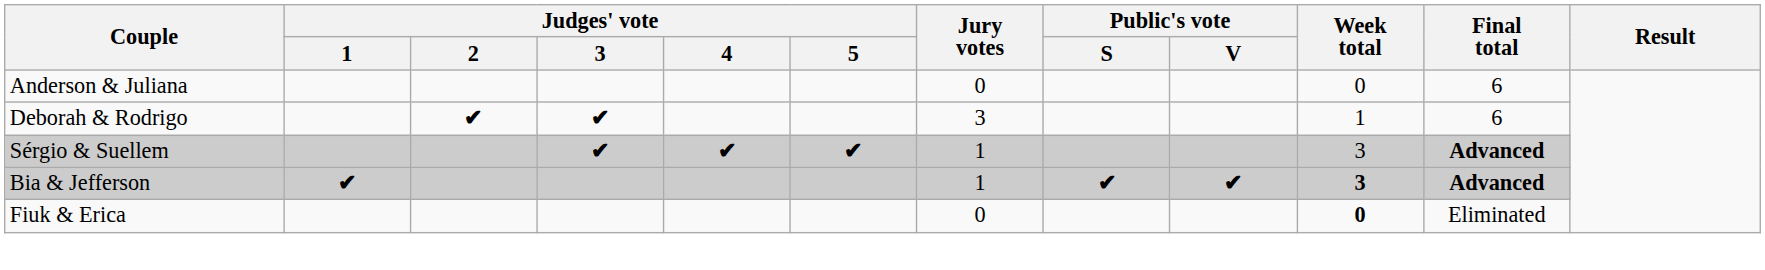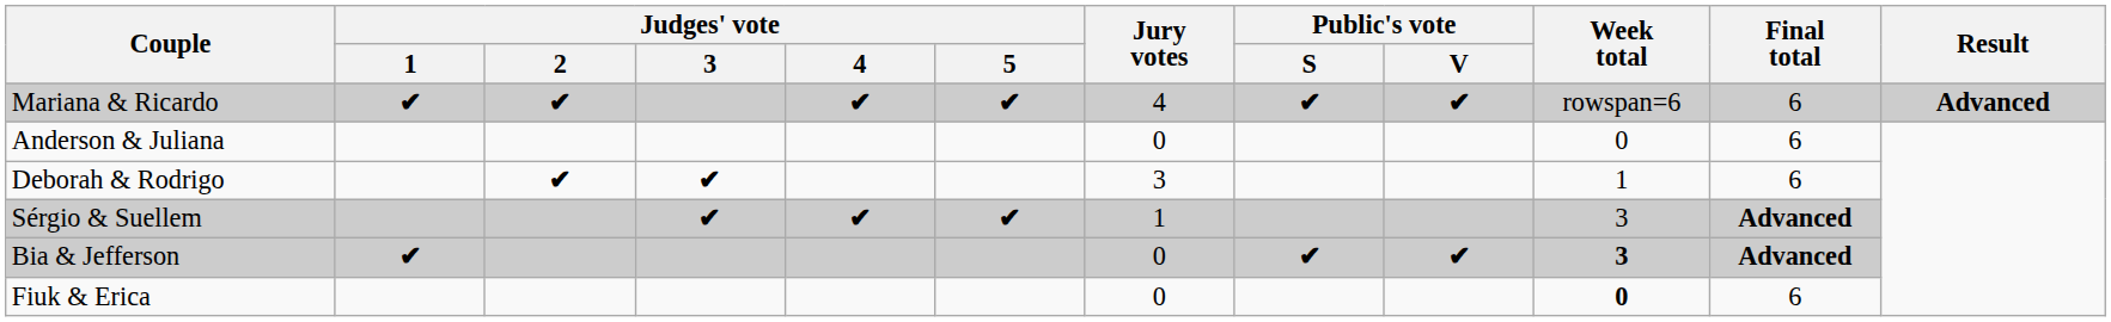 <table class="wikitable" style="font-size:100%; line-height:16px; text-align:center" width="100%">
 <tr>
 <th rowspan=2 width="11.0%">Couple</th>
 <th colspan=5 width="25.0%">Judges' vote</th>
 <th rowspan=2 width="05.0%">Jury<br>votes</th>
 <th colspan=2 width="10.0%">Public's vote</th>
 <th rowspan=2 width="05.0%">Week<br>total</th>
 <th rowspan=2 width="05.0%">Final<br>total</th>
 <th rowspan=2 width="07.5%">Result</th>
 </tr>
 <tr>
 <th width="05.0%">1</th>
 <th width="05.0%">2</th>
 <th width="05.0%">3</th>
 <th width="05.0%">4</th>
 <th width="05.0%">5</th>
 <th width="05.0%">S</th>
 <th width="05.0%">V</th>
+</tr>
+<tr bgcolor=CCCCCC>
+<td align="left">Mariana & Ricardo</td>
+<td><strong>✔</strong></td>
+<td><strong>✔</strong></td>
+<td></td>
+<td><strong>✔</strong></td>
+<td><strong>✔</strong></td>
+<td>4</td>
+<td><strong>✔</strong></td>
+<td><strong>✔</strong></td>
+<td>rowspan=6 </td>
+<td>6</td>
+<td><strong>Advanced</strong></td>
 </tr>
 <tr>
 <td align="left">Anderson & Juliana</td>
 <td></td>
 <td></td>
 <td></td>
 <td></td>
 <td></td>
 <td>0</td>
 <td></td>
 <td></td>
 <td>0</td>
 <td>6</td>
 </tr>
 <tr>
 <td align="left">Deborah & Rodrigo</td>
 <td></td>
 <td><strong>✔</strong></td>
 <td><strong>✔</strong></td>
 <td></td>
 <td></td>
 <td>3</td>
 <td></td>
 <td></td>
 <td>1</td>
 <td>6</td>
 </tr>
 <tr bgcolor=CCCCCC>
 <td align="left">Sérgio & Suellem</td>
 <td></td>
 <td></td>
 <td><strong>✔</strong></td>
 <td><strong>✔</strong></td>
 <td><strong>✔</strong></td>
 <td>1</td>
 <td></td>
 <td></td>
 <td>3</td>
 <td><strong>Advanced</strong></td>
 </tr>
 <tr bgcolor=CCCCCC>
 <td align="left">Bia & Jefferson</td>
 <td><strong>✔</strong></td>
 <td></td>
 <td></td>
 <td></td>
 <td></td>
-<td>1</td>
+<td>0</td>
 <td><strong>✔</strong></td>
 <td><strong>✔</strong></td>
 <td><strong>3</strong></td>
 <td><strong>Advanced</strong></td>
 </tr>
 <tr>
 <td align="left">Fiuk & Erica</td>
 <td></td>
 <td></td>
 <td></td>
 <td></td>
 <td></td>
 <td>0</td>
 <td></td>
 <td></td>
 <td><strong>0</strong></td>
-<td>Eliminated</td>
+<td>6</td>
 </tr>
 </table>
